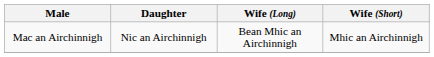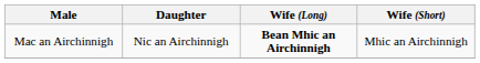 <table class="wikitable" style="text-align:right">
 <tr>
 <th width=20%>Male</th>
 <th width=20%>Daughter</th>
 <th width=20%>Wife <em><small>(Long)</small></em></th>
 <th width=20%>Wife <em><small>(Short)</small></em></th>
 </tr>
 <tr>
 <td align="center">Mac an Airchinnigh</td>
 <td align="center">Nic an Airchinnigh</td>
-<td align="center">Bean Mhic an Airchinnigh</td>
+<td align="center"><strong>Bean Mhic an Airchinnigh</strong></td>
 <td align="center">Mhic an Airchinnigh</td>
 </tr>
 <tr>
 </tr>
 </table>
